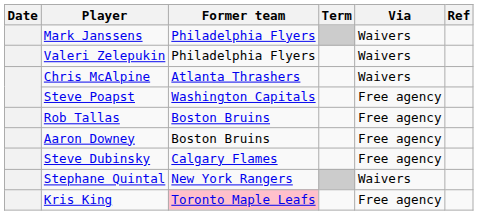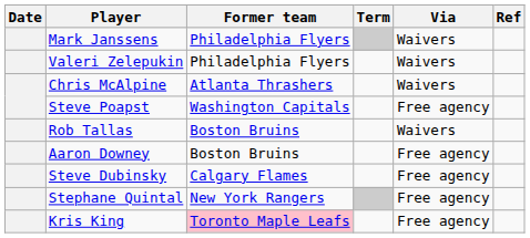 <table class="wikitable plainrowheaders">
 <tr style="background:#ddd; text-align:center;">
 <th>Date</th>
 <th>Player</th>
 <th>Former team</th>
 <th>Term</th>
 <th>Via</th>
 <th>Ref</th>
 </tr>
 <tr>
 <th scope="row"></th>
 <td><a href='#'>Mark Janssens</a></td>
 <td><a href='#'>Philadelphia Flyers</a></td>
 <td style="background:#ccc"></td>
 <td>Waivers</td>
 <td></td>
 </tr>
 <tr>
 <th scope="row"></th>
 <td><a href='#'>Valeri Zelepukin</a></td>
 <td>Philadelphia Flyers</td>
 <td></td>
 <td>Waivers</td>
 <td></td>
 </tr>
 <tr>
 <th scope="row" rowspan=2></th>
 <td><a href='#'>Chris McAlpine</a></td>
 <td><a href='#'>Atlanta Thrashers</a></td>
 <td></td>
 <td>Waivers</td>
 <td></td>
 </tr>
 <tr>
 <td><a href='#'>Steve Poapst</a></td>
 <td><a href='#'>Washington Capitals</a></td>
 <td></td>
 <td>Free agency</td>
 <td></td>
 </tr>
 <tr>
 <th scope="row"></th>
 <td><a href='#'>Rob Tallas</a></td>
 <td><a href='#'>Boston Bruins</a></td>
 <td></td>
-<td>Free agency</td>
+<td>Waivers</td>
 <td></td>
 </tr>
 <tr>
 <th scope="row"></th>
 <td><a href='#'>Aaron Downey</a></td>
 <td>Boston Bruins</td>
 <td></td>
 <td>Free agency</td>
 <td></td>
 </tr>
 <tr>
 <th scope="row"></th>
 <td><a href='#'>Steve Dubinsky</a></td>
 <td><a href='#'>Calgary Flames</a></td>
 <td></td>
 <td>Free agency</td>
 <td></td>
 </tr>
 <tr>
 <th scope="row"></th>
 <td><a href='#'>Stephane Quintal</a></td>
 <td><a href='#'>New York Rangers</a></td>
 <td style="background:#ccc"></td>
-<td>Waivers</td>
+<td>Free agency</td>
 <td></td>
 </tr>
 <tr>
 <th scope="row"></th>
 <td><a href='#'>Kris King</a></td>
 <td style="background: pink;"><a href='#'>Toronto Maple Leafs</a></td>
 <td></td>
 <td>Free agency</td>
 <td></td>
 </tr>
 </table>
